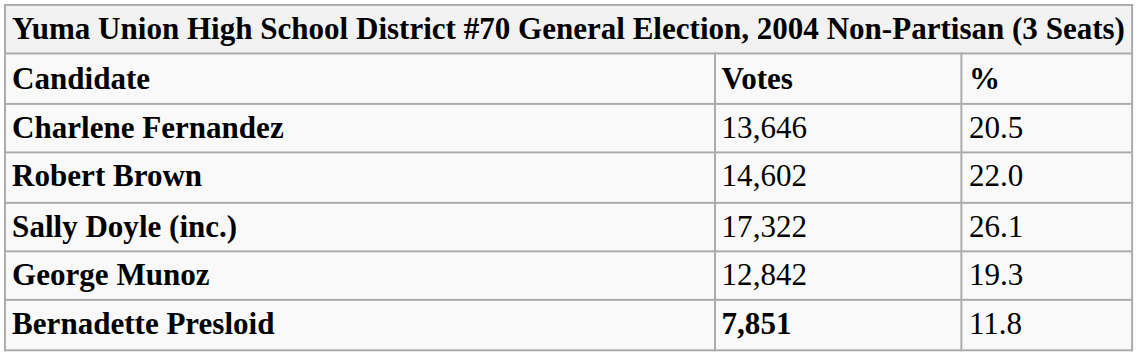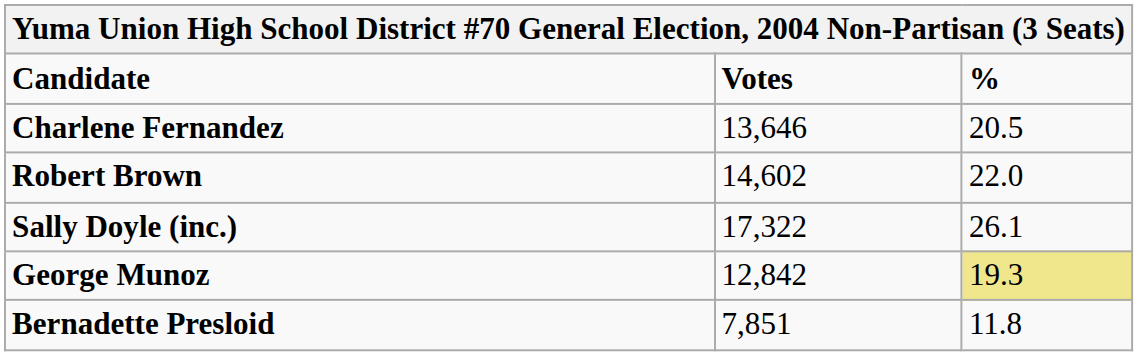 <table class="wikitable">
 <tr>
 <th colspan="4">Yuma Union High School District #70 General Election, 2004 Non-Partisan (3 Seats)</th>
 </tr>
 <tr>
 <td><strong>Candidate</strong></td>
 <td><strong>Votes</strong></td>
 <td><strong>%</strong></td>
 </tr>
 <tr>
 <td><strong>Charlene Fernandez</strong></td>
 <td>13,646</td>
 <td>20.5</td>
 </tr>
 <tr>
 <td><strong>Robert Brown</strong></td>
 <td>14,602</td>
 <td>22.0</td>
 </tr>
 <tr>
 <td><strong>Sally Doyle (inc.)</strong></td>
 <td>17,322</td>
 <td>26.1</td>
 </tr>
 <tr>
 <td><strong>George Munoz</strong></td>
 <td>12,842</td>
-<td>19.3</td>
+<td style="background: khaki;">19.3</td>
 </tr>
 <tr>
 <td><strong>Bernadette Presloid</strong></td>
-<td><strong>7,851</strong></td>
+<td>7,851</td>
 <td>11.8</td>
 </tr>
 </table>
